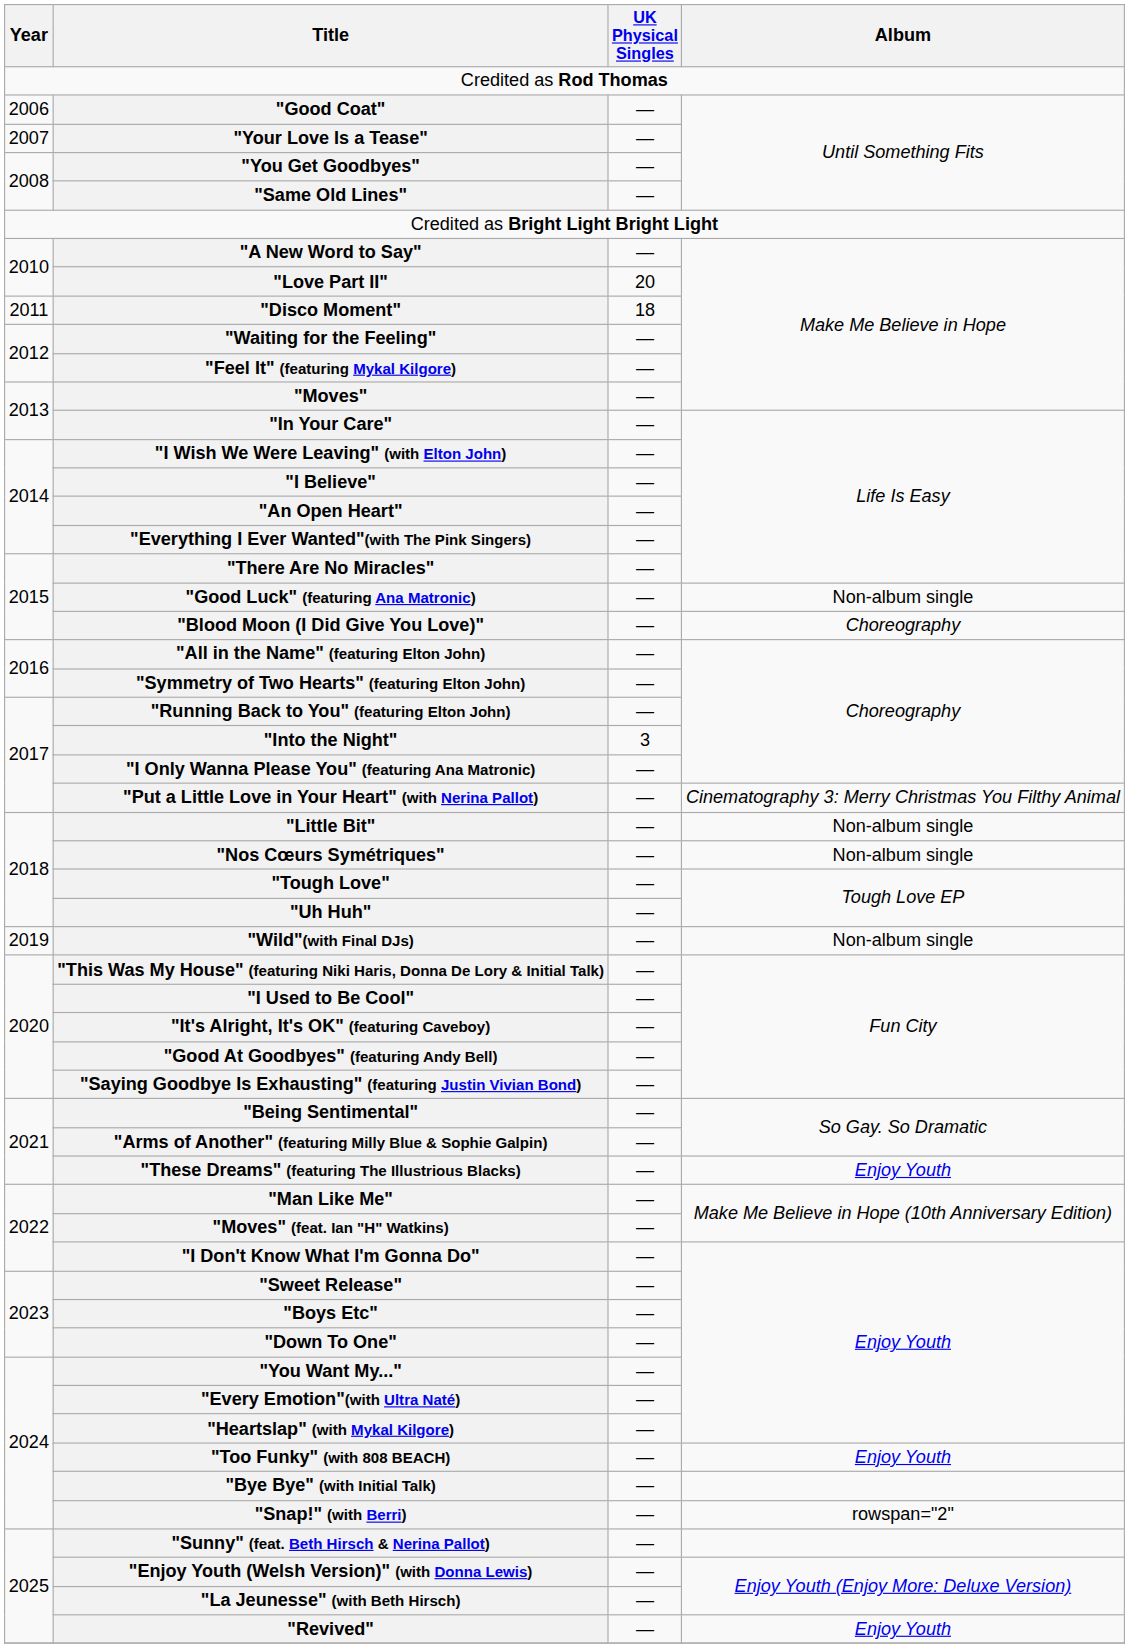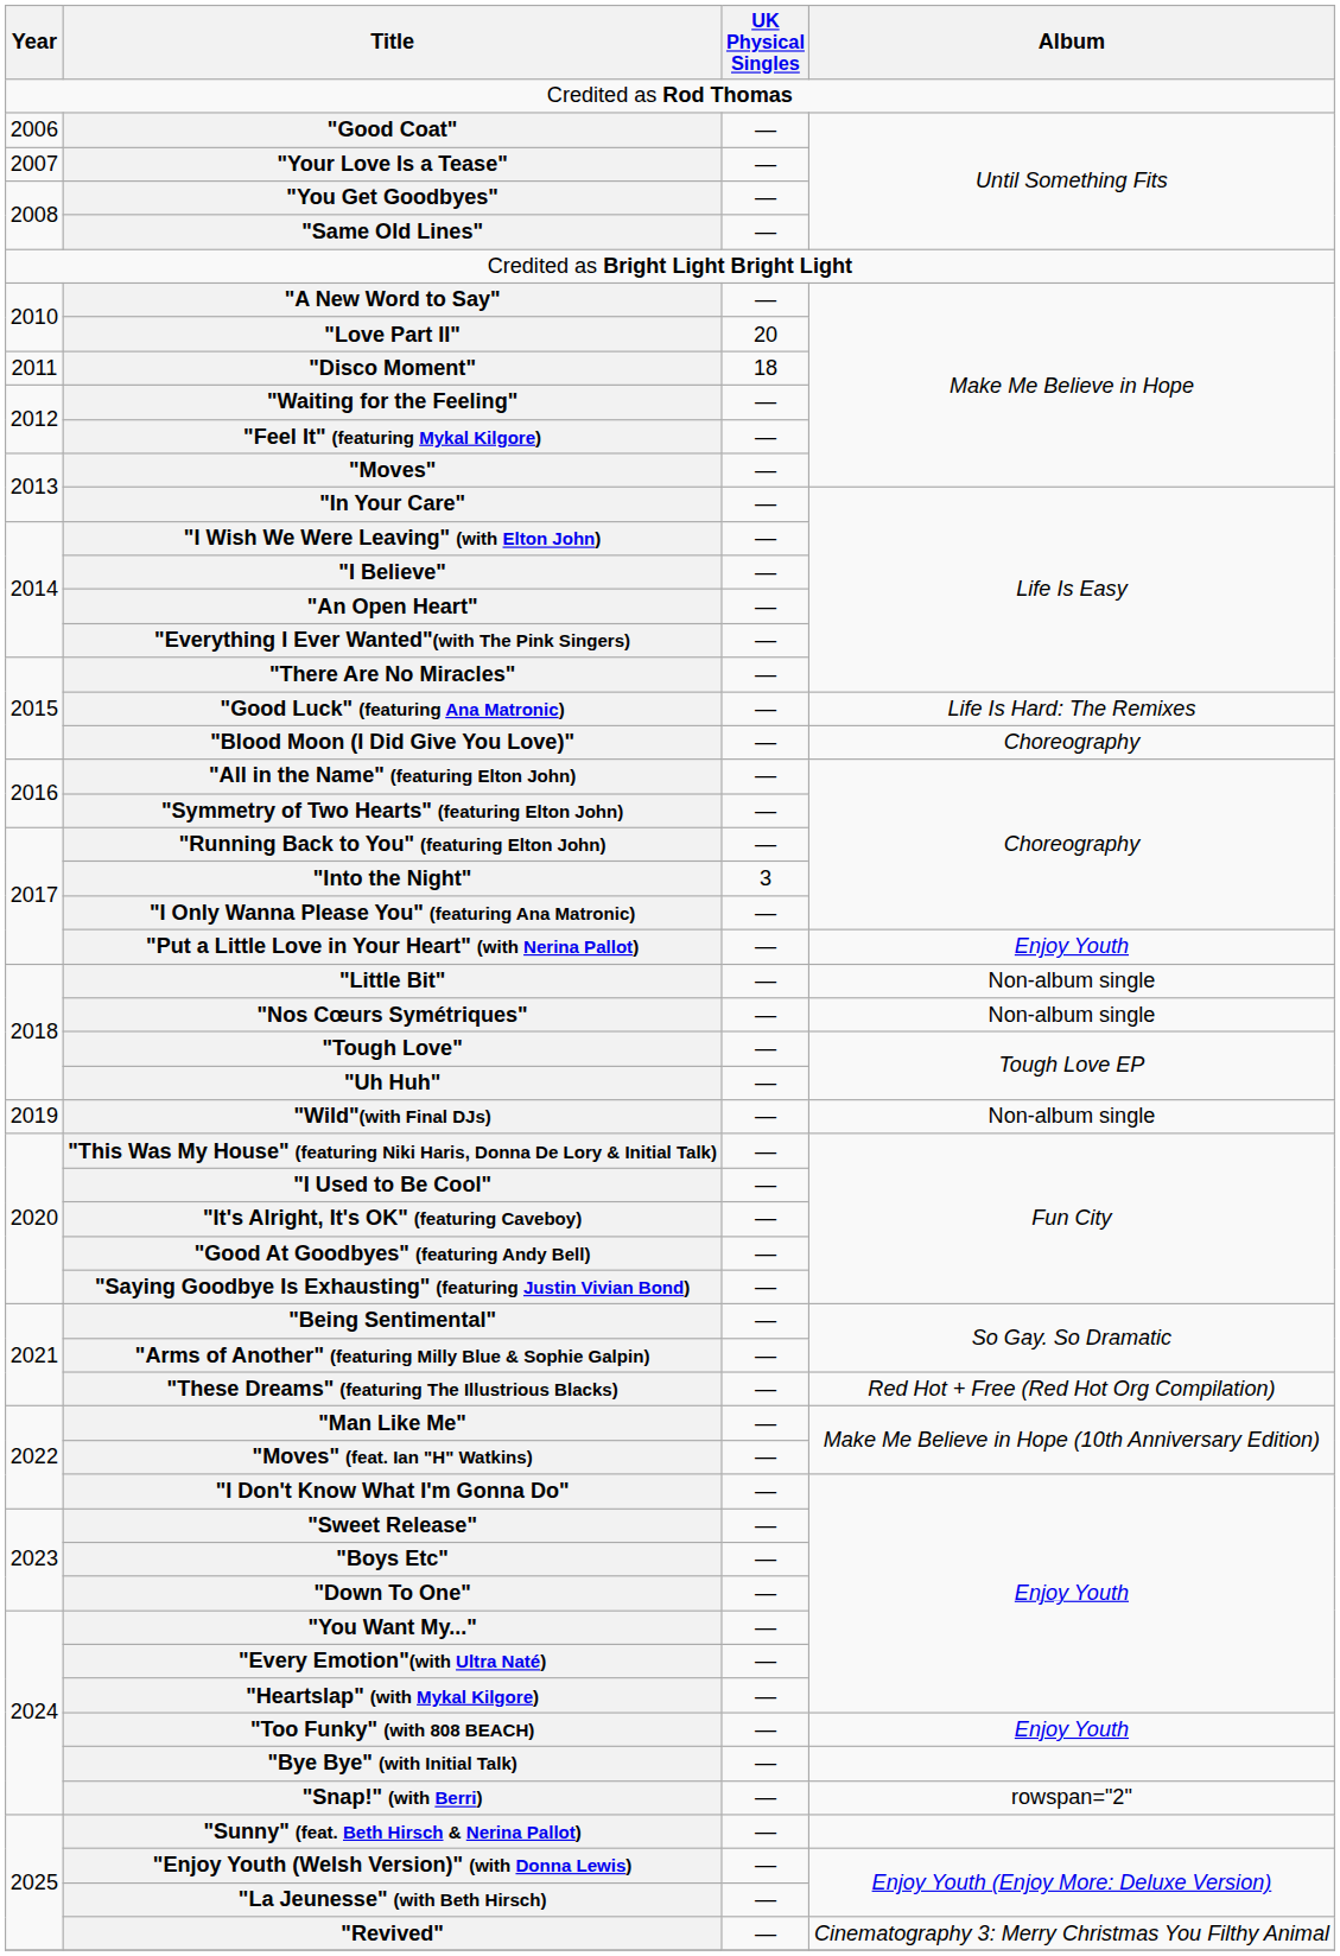 <table class="wikitable plainrowheaders" style="text-align:center;">
 <tr>
 <th>Year</th>
 <th>Title</th>
 <th scope="col" style="width:3em;font-size:90%;"><a href='#'>UK Physical Singles</a><br></th>
 <th>Album</th>
 </tr>
 <tr>
 <td colspan=4>Credited as <strong>Rod Thomas</strong></td>
 </tr>
 <tr>
 <td>2006</td>
 <th scope="row">"Good Coat"</th>
 <td>—</td>
 <td align="center" rowspan="4"><em>Until Something Fits</em></td>
 </tr>
 <tr>
 <td>2007</td>
 <th scope="row">"Your Love Is a Tease"</th>
 <td>—</td>
 </tr>
 <tr>
 <td rowspan="2">2008</td>
 <th scope="row">"You Get Goodbyes"</th>
 <td>—</td>
 </tr>
 <tr>
 <th scope="row">"Same Old Lines"</th>
 <td>—</td>
 </tr>
 <tr>
 <td colspan=4>Credited as <strong>Bright Light Bright Light</strong></td>
 </tr>
 <tr>
 <td rowspan="2">2010</td>
 <th scope="row">"A New Word to Say"</th>
 <td>—</td>
 <td align="center" rowspan="6"><em>Make Me Believe in Hope</em></td>
 </tr>
 <tr>
 <th scope="row">"Love Part II"</th>
 <td>20</td>
 </tr>
 <tr>
 <td>2011</td>
 <th scope="row">"Disco Moment"</th>
 <td>18</td>
 </tr>
 <tr>
 <td rowspan="2">2012</td>
 <th scope="row">"Waiting for the Feeling"</th>
 <td>—</td>
 </tr>
 <tr>
 <th scope="row">"Feel It" <small>(featuring <a href='#'>Mykal Kilgore</a>)</small></th>
 <td>—</td>
 </tr>
 <tr>
 <td rowspan="2">2013</td>
 <th scope="row">"Moves"</th>
 <td>—</td>
 </tr>
 <tr>
 <th scope="row">"In Your Care"</th>
 <td>—</td>
 <td align="center" rowspan="6"><em>Life Is Easy</em></td>
 </tr>
 <tr>
 <td rowspan="4">2014</td>
 <th scope="row">"I Wish We Were Leaving" <small>(with <a href='#'>Elton John</a>)</small></th>
 <td>—</td>
 </tr>
 <tr>
 <th scope="row">"I Believe"</th>
 <td>—</td>
 </tr>
 <tr>
 <th scope="row">"An Open Heart"</th>
 <td>—</td>
 </tr>
 <tr>
 <th scope="row">"Everything I Ever Wanted"<small>(with The Pink Singers)</small></th>
 <td>—</td>
 </tr>
 <tr>
 <td rowspan="3">2015</td>
 <th scope="row">"There Are No Miracles"</th>
 <td>—</td>
 </tr>
 <tr>
 <th scope="row">"Good Luck" <small>(featuring <a href='#'>Ana Matronic</a>)</small></th>
 <td>—</td>
-<td rowspan="1">Non-album single</td>
+<td align="center"><em>Life Is Hard: The Remixes</em></td>
 </tr>
 <tr>
 <th scope="row">"Blood Moon (I Did Give You Love)"</th>
 <td>—</td>
 <td><em>Choreography</em></td>
 </tr>
 <tr>
 <td rowspan="2">2016</td>
 <th scope="row">"All in the Name" <small>(featuring Elton John)</small></th>
 <td>—</td>
 <td rowspan="5" align="center"><em>Choreography</em></td>
 </tr>
 <tr>
 <th scope="row">"Symmetry of Two Hearts" <small>(featuring Elton John)</small></th>
 <td>—</td>
 </tr>
 <tr>
 <td rowspan="4">2017</td>
 <th scope="row">"Running Back to You" <small>(featuring Elton John)</small></th>
 <td>—</td>
 </tr>
 <tr>
 <th scope="row">"Into the Night"</th>
 <td>3</td>
 </tr>
 <tr>
 <th scope="row">"I Only Wanna Please You" <small>(featuring Ana Matronic)</small></th>
 <td>—</td>
 </tr>
 <tr>
 <th scope="row">"Put a Little Love in Your Heart" <small>(with <a href='#'>Nerina Pallot</a>)</small></th>
 <td>—</td>
-<td><em>Cinematography 3: Merry Christmas You Filthy Animal</em></td>
+<td><em><a href='#'>Enjoy Youth</a></em></td>
 </tr>
 <tr>
 <td rowspan="4">2018</td>
 <th scope="row">"Little Bit"</th>
 <td>—</td>
 <td align="center">Non-album single</td>
 </tr>
 <tr>
 <th scope="row">"Nos Cœurs Symétriques"</th>
 <td>—</td>
 <td rowspan="1">Non-album single</td>
 </tr>
 <tr>
 <th scope="row">"Tough Love"</th>
 <td>—</td>
 <td rowspan="2"><em>Tough Love EP</em></td>
 </tr>
 <tr>
 <th scope="row">"Uh Huh"</th>
 <td>—</td>
 </tr>
 <tr>
 <td>2019</td>
 <th scope="row">"Wild"<small>(with Final DJs)</small></th>
 <td>—</td>
 <td align="center">Non-album single</td>
 </tr>
 <tr>
 <td rowspan="5">2020</td>
 <th scope="row">"This Was My House" <small>(featuring Niki Haris, Donna De Lory & Initial Talk)</small></th>
 <td>—</td>
 <td rowspan="5" align="center"><em>Fun City</em></td>
 </tr>
 <tr>
 <th scope="row">"I Used to Be Cool"</th>
 <td>—</td>
 </tr>
 <tr>
 <th scope="row">"It's Alright, It's OK" <small>(featuring Caveboy)</small></th>
 <td>—</td>
 </tr>
 <tr>
 <th scope="row">"Good At Goodbyes" <small>(featuring Andy Bell)</small></th>
 <td>—</td>
 </tr>
 <tr>
 <th scope="row">"Saying Goodbye Is Exhausting" <small>(featuring <a href='#'>Justin Vivian Bond</a>)</small></th>
 <td>—</td>
 </tr>
 <tr>
 <td rowspan="3">2021</td>
 <th scope="row">"Being Sentimental"</th>
 <td>—</td>
 <td rowspan="2" align="center"><em>So Gay. So Dramatic</em></td>
 </tr>
 <tr>
 <th scope="row">"Arms of Another" <small>(featuring Milly Blue & Sophie Galpin)</small></th>
 <td>—</td>
 </tr>
 <tr>
 <th scope="row">"These Dreams" <small>(featuring The Illustrious Blacks)</small></th>
 <td>—</td>
-<td><em><a href='#'>Enjoy Youth</a></em></td>
+<td><em>Red Hot + Free (Red Hot Org Compilation)</em></td>
 </tr>
 <tr>
 <td rowspan="3">2022</td>
 <th scope="row">"Man Like Me"</th>
 <td>—</td>
 <td rowspan="2" align="center"><em>Make Me Believe in Hope (10th Anniversary Edition)</em></td>
 </tr>
 <tr>
 <th scope="row">"Moves" <small>(feat. Ian "H" Watkins)</small></th>
 <td>—</td>
 </tr>
 <tr>
 <th scope="row">"I Don't Know What I'm Gonna Do"</th>
 <td>—</td>
 <td rowspan="7" align="center"><em><a href='#'>Enjoy Youth</a></em></td>
 </tr>
 <tr>
 <td rowspan="3">2023</td>
 <th scope="row">"Sweet Release"</th>
 <td>—</td>
 </tr>
 <tr>
 <th scope="row">"Boys Etc"</th>
 <td>—</td>
 </tr>
 <tr>
 <th scope="row">"Down To One"</th>
 <td>—</td>
 </tr>
 <tr>
 <td rowspan="6">2024</td>
 <th scope="row">"You Want My..."</th>
 <td>—</td>
 </tr>
 <tr>
 <th scope="row">"Every Emotion"<small>(with <a href='#'>Ultra Naté</a>)</small></th>
 <td>—</td>
 </tr>
 <tr>
 <th scope="row">"Heartslap" <small>(with <a href='#'>Mykal Kilgore</a>)</small></th>
 <td>—</td>
 </tr>
 <tr>
 <th scope="row">"Too Funky" <small>(with 808 BEACH)</small></th>
 <td>—</td>
 <td><em><a href='#'>Enjoy Youth</a></em></td>
 </tr>
 <tr>
 <th scope="row">"Bye Bye" <small>(with Initial Talk)</small></th>
 <td>—</td>
 </tr>
 <tr>
 <th scope="row">"Snap!" <small>(with <a href='#'>Berri</a>)</small></th>
 <td>—</td>
 <td>rowspan="2" </td>
 </tr>
 <tr>
 <td rowspan="4">2025</td>
 <th scope="row">"Sunny" <small>(feat. <a href='#'>Beth Hirsch</a> & <a href='#'>Nerina Pallot</a>)</small></th>
 <td>—</td>
 <td></td>
 </tr>
 <tr>
 <th scope="row">"Enjoy Youth (Welsh Version)" <small>(with <a href='#'>Donna Lewis</a>)</small></th>
 <td>—</td>
 <td rowspan="2"><a href='#'><em>Enjoy Youth (Enjoy More: Deluxe Version)</em></a></td>
 </tr>
 <tr>
 <th scope="row">"La Jeunesse" <small>(with Beth Hirsch)</small></th>
 <td>—</td>
 </tr>
 <tr>
 <th scope="row">"Revived"</th>
 <td>—</td>
-<td><em><a href='#'>Enjoy Youth</a></em></td>
+<td><em>Cinematography 3: Merry Christmas You Filthy Animal</em></td>
 </tr>
 <tr>
 </tr>
 </table>
